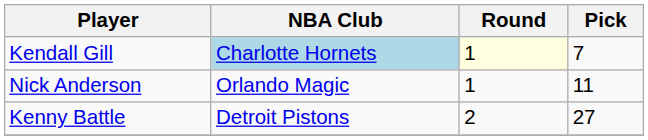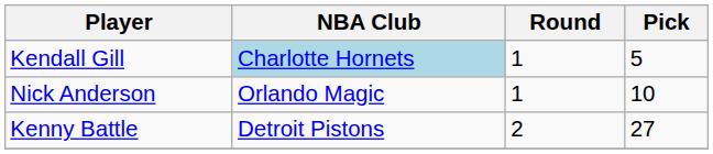 <table class="wikitable" width="500">
 <tr>
 <th>Player</th>
 <th>NBA Club</th>
 <th>Round</th>
 <th>Pick</th>
 </tr>
 <tr>
 <td><a href='#'>Kendall Gill</a></td>
 <td style="background: lightblue;"><a href='#'>Charlotte Hornets</a></td>
-<td style="background: lightyellow;">1</td>
-<td>7</td>
+<td>1</td>
+<td>5</td>
 </tr>
 <tr>
 <td><a href='#'>Nick Anderson</a></td>
 <td><a href='#'>Orlando Magic</a></td>
 <td>1</td>
-<td>11</td>
+<td>10</td>
 </tr>
 <tr>
 <td><a href='#'>Kenny Battle</a></td>
 <td><a href='#'>Detroit Pistons</a></td>
 <td>2</td>
 <td>27</td>
 </tr>
 <tr>
 </tr>
 </table>
